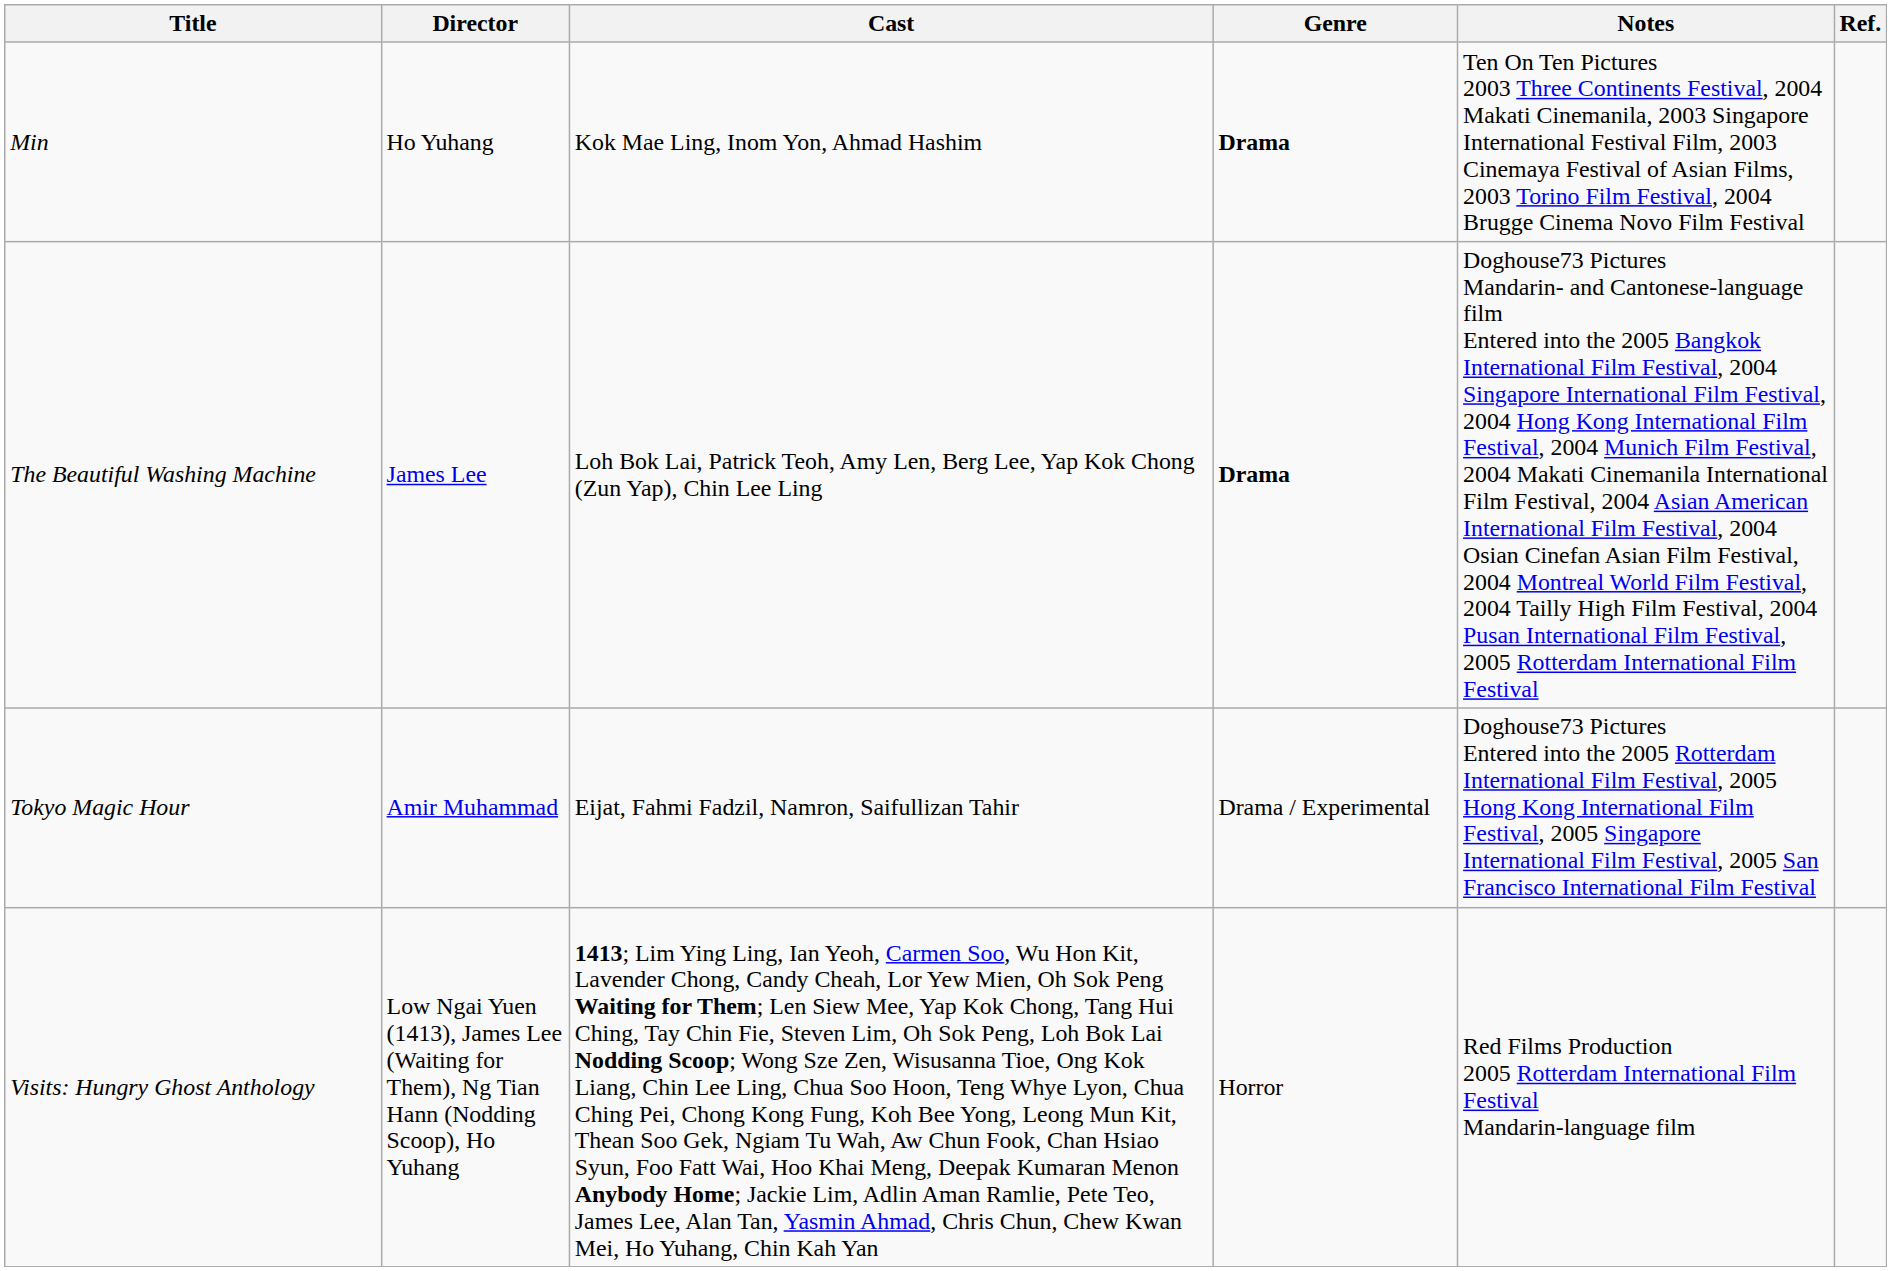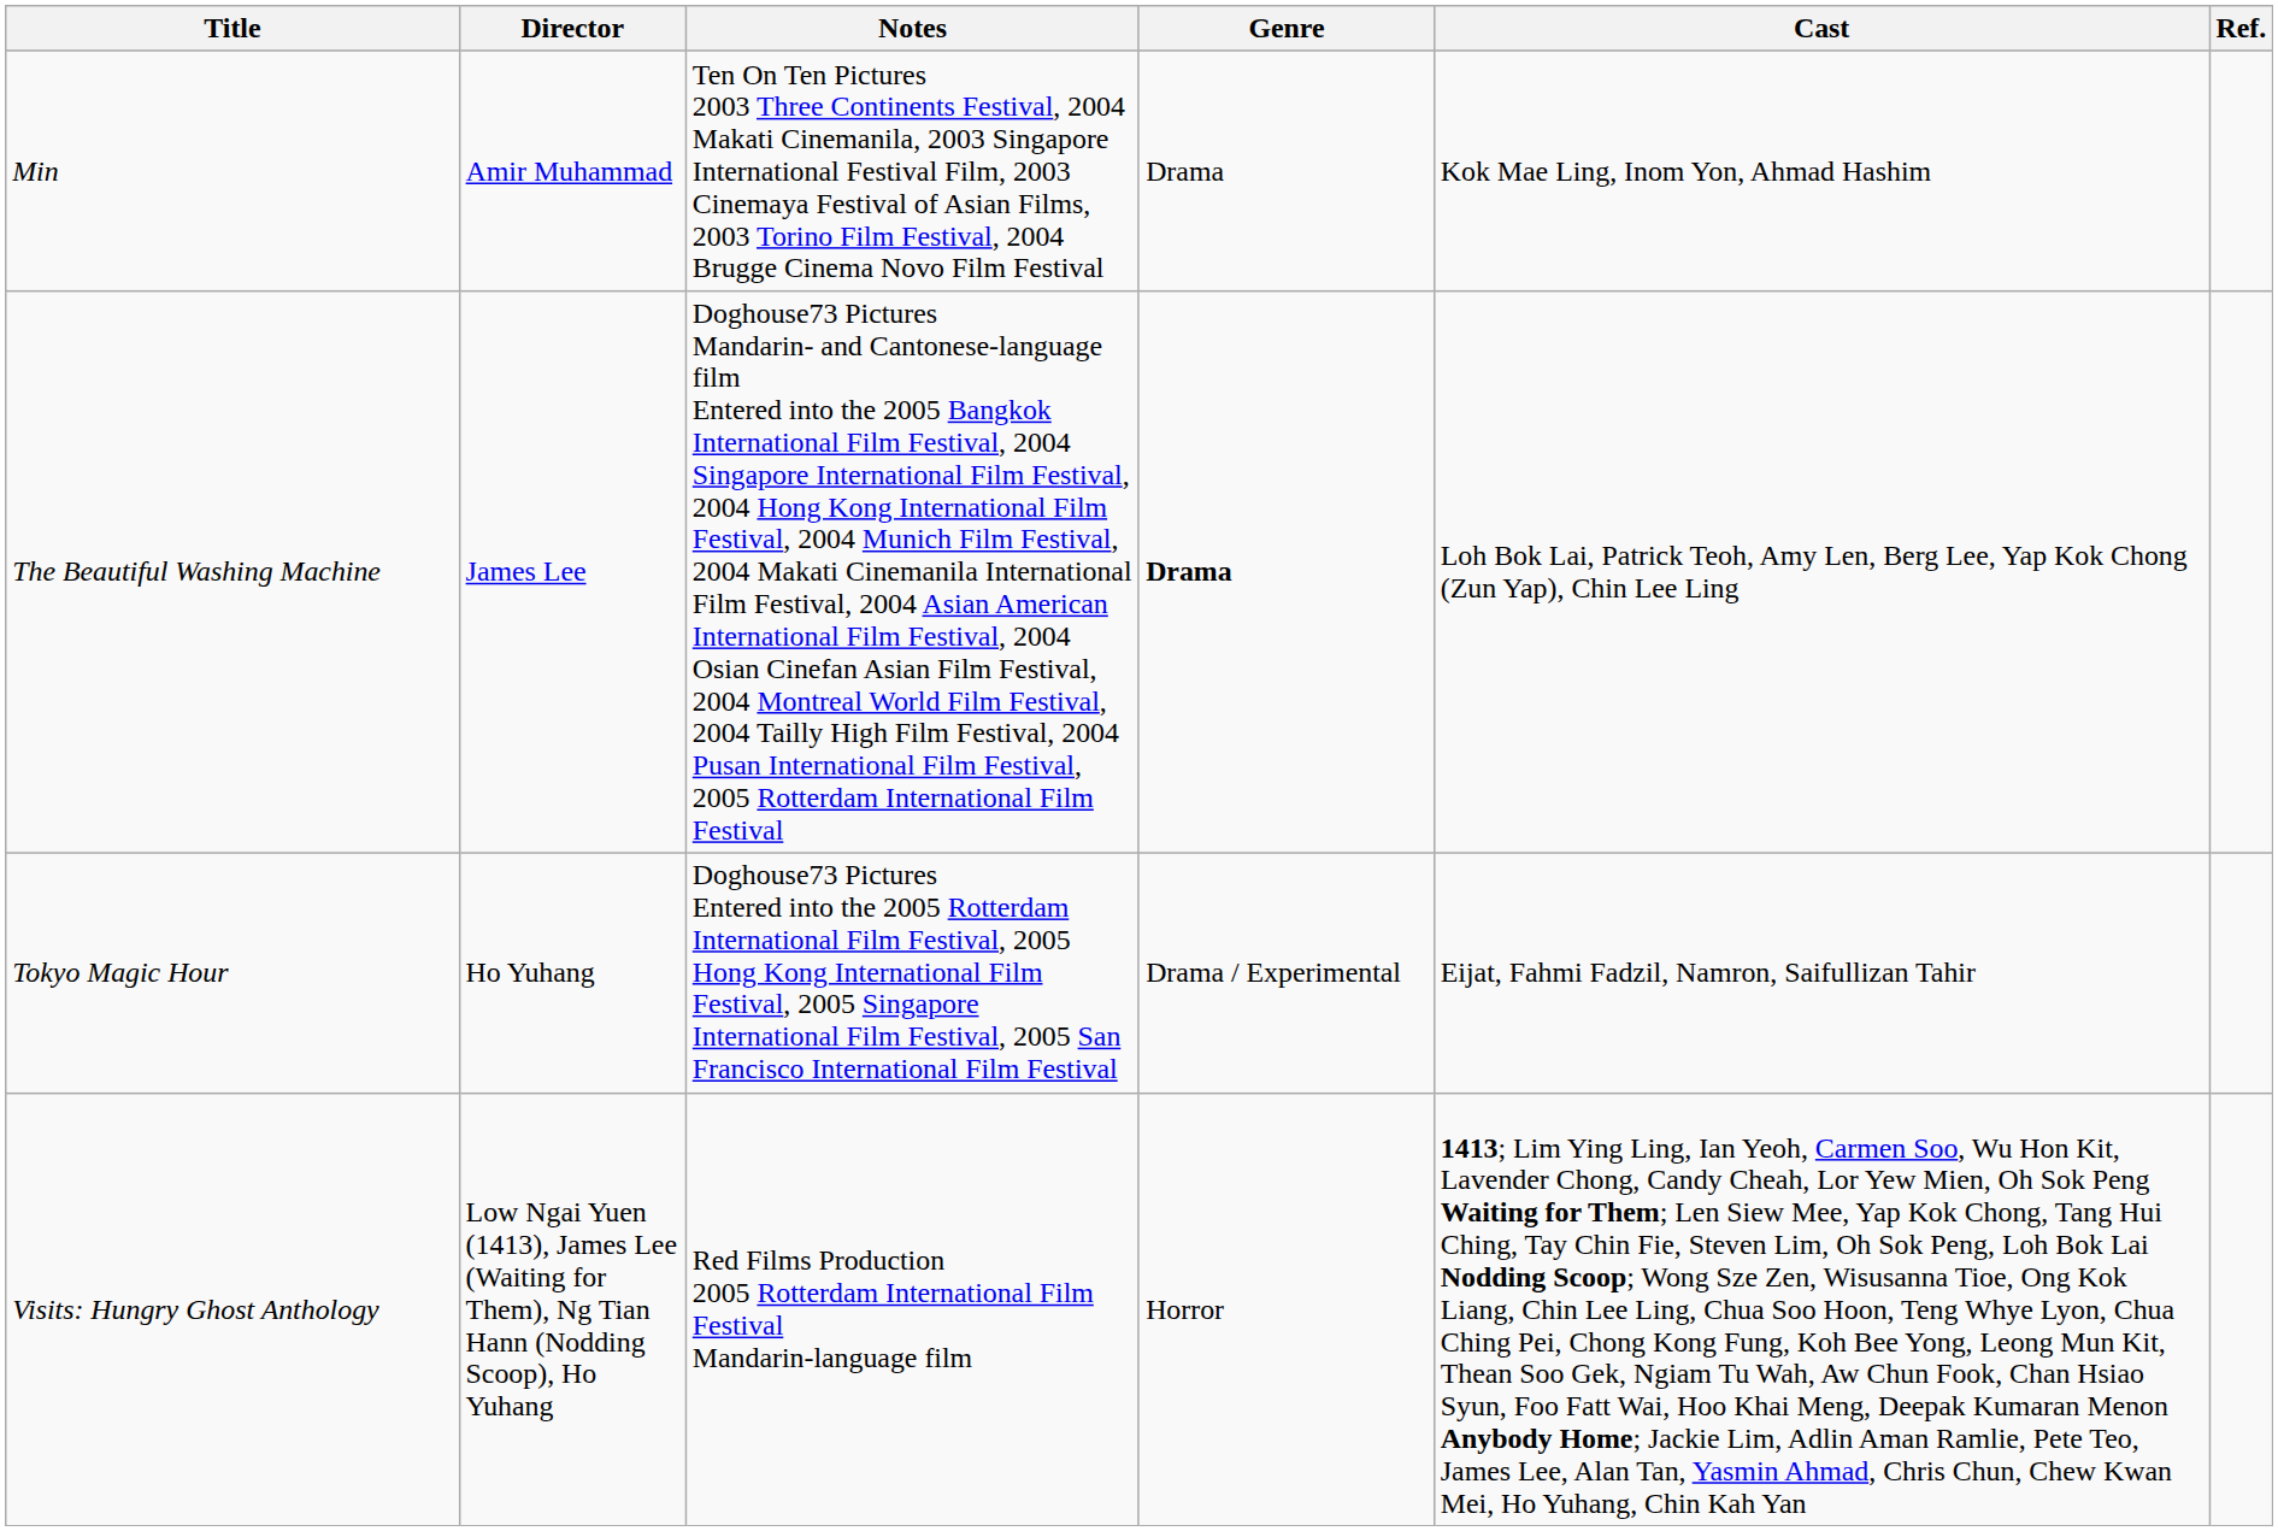 <table class="wikitable" width="100%">
 <tr>
 <th style="width:20%;">Title</th>
 <th style="width:10%;">Director</th>
+<th style="width:20%">Notes</th>
+<th style="width:13%">Genre</th>
 <th>Cast</th>
-<th style="width:13%">Genre</th>
-<th style="width:20%">Notes</th>
 <th>Ref.</th>
 </tr>
 <tr>
 <td><em>Min</em></td>
-<td>Ho Yuhang</td>
+<td><a href='#'>Amir Muhammad</a></td>
+<td>Ten On Ten Pictures<br>2003 <a href='#'>Three Continents Festival</a>, 2004 Makati Cinemanila, 2003 Singapore International Festival Film, 2003 Cinemaya Festival of Asian Films, 2003 <a href='#'>Torino Film Festival</a>, 2004 Brugge Cinema Novo Film Festival</td>
+<td>Drama</td>
 <td>Kok Mae Ling, Inom Yon, Ahmad Hashim</td>
-<td><strong>Drama</strong></td>
-<td>Ten On Ten Pictures<br>2003 <a href='#'>Three Continents Festival</a>, 2004 Makati Cinemanila, 2003 Singapore International Festival Film, 2003 Cinemaya Festival of Asian Films, 2003 <a href='#'>Torino Film Festival</a>, 2004 Brugge Cinema Novo Film Festival</td>
 <td></td>
 </tr>
 <tr>
 <td><em>The Beautiful Washing Machine</em></td>
 <td><a href='#'>James Lee</a></td>
+<td>Doghouse73 Pictures<br>Mandarin- and Cantonese-language film<br>Entered into the 2005 <a href='#'>Bangkok International Film Festival</a>, 2004 <a href='#'>Singapore International Film Festival</a>, 2004 <a href='#'>Hong Kong International Film Festival</a>, 2004 <a href='#'>Munich Film Festival</a>, 2004 Makati Cinemanila International Film Festival, 2004 <a href='#'>Asian American International Film Festival</a>, 2004 Osian Cinefan Asian Film Festival, 2004 <a href='#'>Montreal World Film Festival</a>, 2004 Tailly High Film Festival, 2004 <a href='#'>Pusan International Film Festival</a>, 2005 <a href='#'>Rotterdam International Film Festival</a></td>
+<td><strong>Drama</strong></td>
 <td>Loh Bok Lai, Patrick Teoh, Amy Len, Berg Lee, Yap Kok Chong (Zun Yap), Chin Lee Ling</td>
-<td><strong>Drama</strong></td>
-<td>Doghouse73 Pictures<br>Mandarin- and Cantonese-language film<br>Entered into the 2005 <a href='#'>Bangkok International Film Festival</a>, 2004 <a href='#'>Singapore International Film Festival</a>, 2004 <a href='#'>Hong Kong International Film Festival</a>, 2004 <a href='#'>Munich Film Festival</a>, 2004 Makati Cinemanila International Film Festival, 2004 <a href='#'>Asian American International Film Festival</a>, 2004 Osian Cinefan Asian Film Festival, 2004 <a href='#'>Montreal World Film Festival</a>, 2004 Tailly High Film Festival, 2004 <a href='#'>Pusan International Film Festival</a>, 2005 <a href='#'>Rotterdam International Film Festival</a></td>
 <td></td>
 </tr>
 <tr>
 <td><em>Tokyo Magic Hour</em></td>
-<td><a href='#'>Amir Muhammad</a></td>
+<td>Ho Yuhang</td>
+<td>Doghouse73 Pictures<br>Entered into the 2005 <a href='#'>Rotterdam International Film Festival</a>, 2005 <a href='#'>Hong Kong International Film Festival</a>, 2005 <a href='#'>Singapore International Film Festival</a>, 2005 <a href='#'>San Francisco International Film Festival</a></td>
+<td>Drama / Experimental</td>
 <td>Eijat, Fahmi Fadzil, Namron, Saifullizan Tahir</td>
-<td>Drama / Experimental</td>
-<td>Doghouse73 Pictures<br>Entered into the 2005 <a href='#'>Rotterdam International Film Festival</a>, 2005 <a href='#'>Hong Kong International Film Festival</a>, 2005 <a href='#'>Singapore International Film Festival</a>, 2005 <a href='#'>San Francisco International Film Festival</a></td>
 <td></td>
 </tr>
 <tr>
 <td><em>Visits: Hungry Ghost Anthology</em></td>
 <td>Low Ngai Yuen (1413), James Lee (Waiting for Them), Ng Tian Hann (Nodding Scoop), Ho Yuhang</td>
+<td>Red Films Production<br>2005 <a href='#'>Rotterdam International Film Festival</a><br>Mandarin-language film</td>
+<td>Horror</td>
 <td><br><strong>1413</strong>; Lim Ying Ling, Ian Yeoh, <a href='#'>Carmen Soo</a>, Wu Hon Kit, Lavender Chong, Candy Cheah, Lor Yew Mien, Oh Sok Peng<br><strong>Waiting for Them</strong>; Len Siew Mee, Yap Kok Chong, Tang Hui Ching, Tay Chin Fie, Steven Lim, Oh Sok Peng, Loh Bok Lai<br><strong>Nodding Scoop</strong>; Wong Sze Zen, Wisusanna Tioe, Ong Kok Liang, Chin Lee Ling, Chua Soo Hoon, Teng Whye Lyon, Chua Ching Pei, Chong Kong Fung, Koh Bee Yong, Leong Mun Kit, Thean Soo Gek, Ngiam Tu Wah, Aw Chun Fook, Chan Hsiao Syun, Foo Fatt Wai, Hoo Khai Meng, Deepak Kumaran Menon<br><strong>Anybody Home</strong>; Jackie Lim, Adlin Aman Ramlie, Pete Teo, James Lee, Alan Tan, <a href='#'>Yasmin Ahmad</a>, Chris Chun, Chew Kwan Mei, Ho Yuhang, Chin Kah Yan</td>
-<td>Horror</td>
-<td>Red Films Production<br>2005 <a href='#'>Rotterdam International Film Festival</a><br>Mandarin-language film</td>
 <td></td>
 </tr>
 </table>
